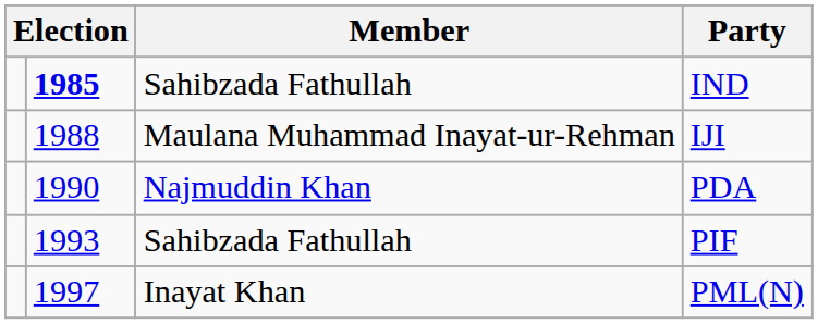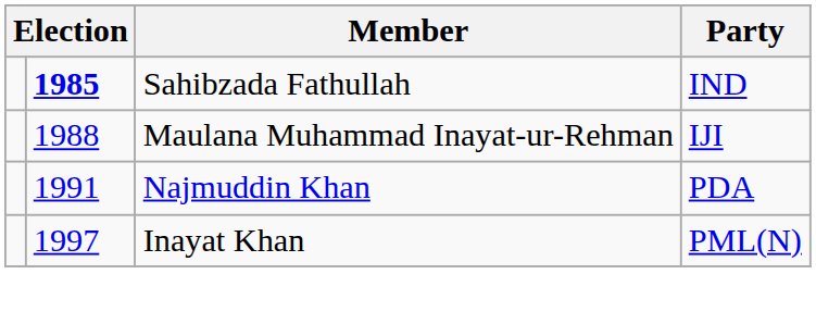 <table class="wikitable">
 <tr>
 <th colspan="2">Election</th>
 <th>Member</th>
 <th>Party</th>
 </tr>
 <tr>
 <td style="background-color: "></td>
 <td><strong><a href='#'>1985</a></strong></td>
 <td>Sahibzada Fathullah</td>
 <td><a href='#'>IND</a></td>
 </tr>
 <tr>
 <td style="background-color: "></td>
 <td><a href='#'>1988</a></td>
 <td>Maulana Muhammad Inayat-ur-Rehman</td>
 <td><a href='#'>IJI</a></td>
 </tr>
 <tr>
 <td style="background-color: "></td>
-<td><a href='#'>1990</a></td>
+<td><a href='#'>1991</a></td>
 <td><a href='#'>Najmuddin Khan</a></td>
 <td><a href='#'>PDA</a></td>
-</tr>
-<tr>
-<td style="background-color: "></td>
-<td><a href='#'>1993</a></td>
-<td>Sahibzada Fathullah</td>
-<td><a href='#'>PIF</a></td>
 </tr>
 <tr>
 <td style="background-color: "></td>
 <td><a href='#'>1997</a></td>
 <td>Inayat Khan</td>
 <td><a href='#'>PML(N)</a></td>
 </tr>
 </table>
